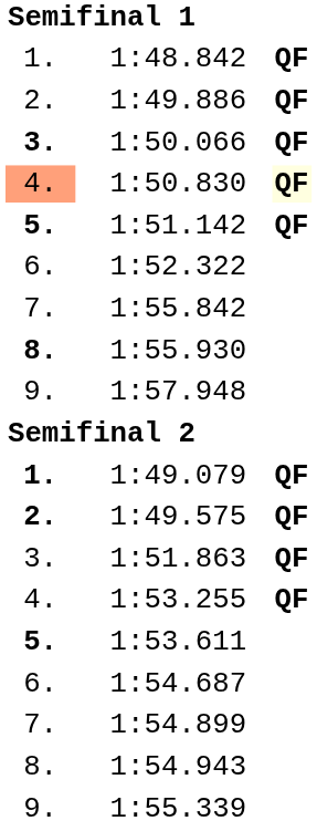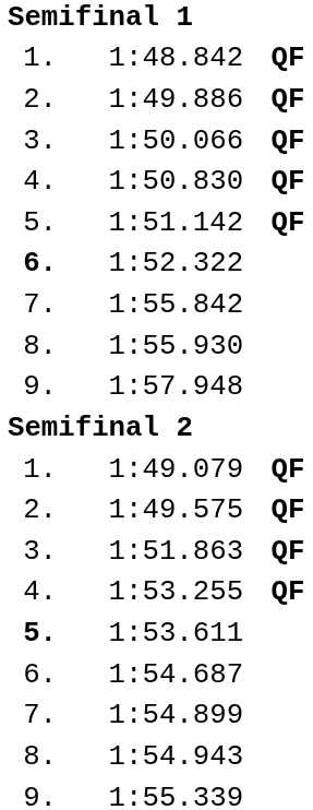 <table style="text-align:center">
 <tr>
 <td colspan=4 align=left><strong>Semifinal 1</strong></td>
 </tr>
 <tr>
 <td width=30>1.</td>
 <td align=left></td>
 <td width=80>1:48.842</td>
 <td><strong>QF</strong></td>
 </tr>
 <tr>
 <td>2.</td>
 <td align=left></td>
 <td>1:49.886</td>
 <td><strong>QF</strong></td>
 </tr>
 <tr>
-<td><strong>3.</strong></td>
+<td>3.</td>
 <td align=left></td>
 <td>1:50.066</td>
 <td><strong>QF</strong></td>
 </tr>
 <tr>
-<td style="background: lightsalmon;">4.</td>
+<td>4.</td>
 <td align=left></td>
 <td>1:50.830</td>
-<td style="background: lightyellow;"><strong>QF</strong></td>
+<td><strong>QF</strong></td>
 </tr>
 <tr>
-<td><strong>5.</strong></td>
+<td>5.</td>
 <td align=left></td>
 <td>1:51.142</td>
 <td><strong>QF</strong></td>
 </tr>
 <tr>
-<td>6.</td>
+<td><strong>6.</strong></td>
 <td align=left></td>
 <td>1:52.322</td>
 <td></td>
 </tr>
 <tr>
 <td>7.</td>
 <td align=left></td>
 <td>1:55.842</td>
 <td></td>
 </tr>
 <tr>
-<td><strong>8.</strong></td>
+<td>8.</td>
 <td align=left></td>
 <td>1:55.930</td>
 <td></td>
 </tr>
 <tr>
 <td>9.</td>
 <td align=left></td>
 <td>1:57.948</td>
 <td></td>
 </tr>
 <tr>
 <td colspan=4 align=left><strong>Semifinal 2</strong></td>
 </tr>
 <tr>
-<td><strong>1.</strong></td>
+<td>1.</td>
 <td align=left></td>
 <td>1:49.079</td>
 <td><strong>QF</strong></td>
 </tr>
 <tr>
-<td><strong>2.</strong></td>
+<td>2.</td>
 <td align=left></td>
 <td>1:49.575</td>
 <td><strong>QF</strong></td>
 </tr>
 <tr>
 <td>3.</td>
 <td align=left></td>
 <td>1:51.863</td>
 <td><strong>QF</strong></td>
 </tr>
 <tr>
 <td>4.</td>
 <td align=left></td>
 <td>1:53.255</td>
 <td><strong>QF</strong></td>
 </tr>
 <tr>
 <td><strong>5.</strong></td>
 <td align=left></td>
 <td>1:53.611</td>
 <td></td>
 </tr>
 <tr>
 <td>6.</td>
 <td align=left></td>
 <td>1:54.687</td>
 <td></td>
 </tr>
 <tr>
 <td>7.</td>
 <td align=left></td>
 <td>1:54.899</td>
 <td></td>
 </tr>
 <tr>
 <td>8.</td>
 <td align=left></td>
 <td>1:54.943</td>
 <td></td>
 </tr>
 <tr>
 <td>9.</td>
 <td align=left></td>
 <td>1:55.339</td>
 <td></td>
 </tr>
 </table>
